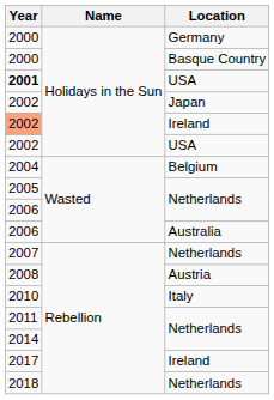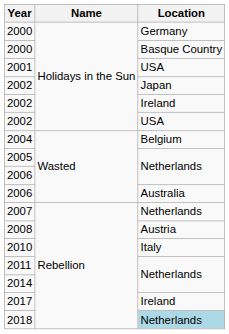 <table class="wikitable">
 <tr>
 <th>Year</th>
 <th>Name</th>
 <th>Location</th>
 </tr>
 <tr>
 <td>2000</td>
 <td rowspan="6">Holidays in the Sun</td>
 <td>Germany</td>
 </tr>
 <tr>
 <td>2000</td>
 <td>Basque Country</td>
 </tr>
 <tr>
-<td><strong>2001</strong></td>
+<td>2001</td>
 <td>USA</td>
 </tr>
 <tr>
 <td>2002</td>
 <td>Japan</td>
 </tr>
 <tr>
-<td style="background: lightsalmon;">2002</td>
+<td>2002</td>
 <td>Ireland</td>
 </tr>
 <tr>
 <td>2002</td>
 <td>USA</td>
 </tr>
 <tr>
 <td>2004</td>
 <td rowspan="4">Wasted</td>
 <td>Belgium</td>
 </tr>
 <tr>
 <td>2005</td>
 <td rowspan="2">Netherlands</td>
 </tr>
 <tr>
 <td>2006</td>
 </tr>
 <tr>
 <td>2006</td>
 <td>Australia</td>
 </tr>
 <tr>
 <td>2007</td>
 <td rowspan="7">Rebellion</td>
 <td>Netherlands</td>
 </tr>
 <tr>
 <td>2008</td>
 <td>Austria</td>
 </tr>
 <tr>
 <td>2010</td>
 <td>Italy</td>
 </tr>
 <tr>
 <td>2011</td>
 <td rowspan="2">Netherlands</td>
 </tr>
 <tr>
 <td>2014</td>
 </tr>
 <tr>
 <td>2017</td>
 <td>Ireland</td>
 </tr>
 <tr>
 <td>2018</td>
-<td>Netherlands</td>
+<td style="background: lightblue;">Netherlands</td>
 </tr>
 </table>
